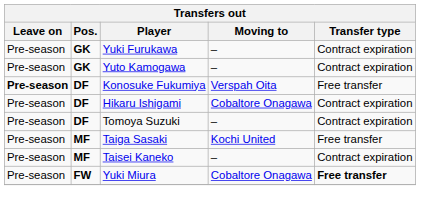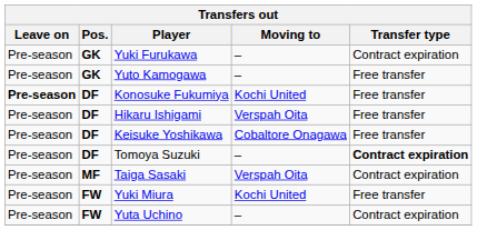 <table class="wikitable sortable" style=“text-align:left;>
 <tr>
 <th colspan="5">Transfers out</th>
 </tr>
 <tr>
 <th>Leave on</th>
 <th>Pos.</th>
 <th>Player</th>
 <th>Moving to</th>
 <th>Transfer type</th>
 </tr>
 <tr>
 <td>Pre-season</td>
 <td><strong>GK</strong></td>
 <td> <a href='#'>Yuki Furukawa</a></td>
 <td>–</td>
 <td>Contract expiration</td>
 </tr>
 <tr>
 <td>Pre-season</td>
 <td><strong>GK</strong></td>
 <td> <a href='#'>Yuto Kamogawa</a></td>
 <td>–</td>
-<td>Contract expiration</td>
+<td>Free transfer</td>
 </tr>
 <tr>
 <td><strong>Pre-season</strong></td>
 <td><strong>DF</strong></td>
 <td> <a href='#'>Konosuke Fukumiya</a></td>
+<td> <a href='#'>Kochi United</a></td>
+<td>Free transfer</td>
+</tr>
+<tr>
+<td>Pre-season</td>
+<td><strong>DF</strong></td>
+<td> <a href='#'>Hikaru Ishigami</a></td>
 <td> <a href='#'>Verspah Oita</a></td>
 <td>Free transfer</td>
 </tr>
 <tr>
 <td>Pre-season</td>
 <td><strong>DF</strong></td>
-<td> <a href='#'>Hikaru Ishigami</a></td>
+<td> <a href='#'>Keisuke Yoshikawa</a></td>
 <td> <a href='#'>Cobaltore Onagawa</a></td>
-<td>Contract expiration</td>
+<td>Free transfer</td>
 </tr>
 <tr>
 <td>Pre-season</td>
 <td><strong>DF</strong></td>
 <td> Tomoya Suzuki</td>
 <td>–</td>
-<td>Contract expiration</td>
+<td><strong>Contract expiration</strong></td>
 </tr>
 <tr>
 <td>Pre-season</td>
 <td><strong>MF</strong></td>
 <td> <a href='#'>Taiga Sasaki</a></td>
-<td> <a href='#'>Kochi United</a></td>
-<td>Free transfer</td>
-</tr>
-<tr>
-<td>Pre-season</td>
-<td><strong>MF</strong></td>
-<td> <a href='#'>Taisei Kaneko</a></td>
-<td>–</td>
+<td> <a href='#'>Verspah Oita</a></td>
 <td>Contract expiration</td>
 </tr>
 <tr>
 <td>Pre-season</td>
 <td><strong>FW</strong></td>
 <td> <a href='#'>Yuki Miura</a></td>
-<td> <a href='#'>Cobaltore Onagawa</a></td>
-<td><strong>Free transfer</strong></td>
+<td> <a href='#'>Kochi United</a></td>
+<td>Free transfer</td>
+</tr>
+<tr>
+<td>Pre-season</td>
+<td><strong>FW</strong></td>
+<td> <a href='#'>Yuta Uchino</a></td>
+<td>–</td>
+<td>Contract expiration</td>
 </tr>
 <tr>
 </tr>
 </table>
